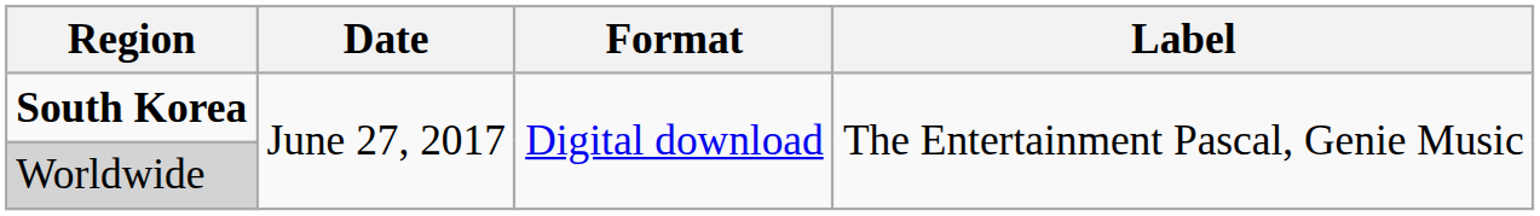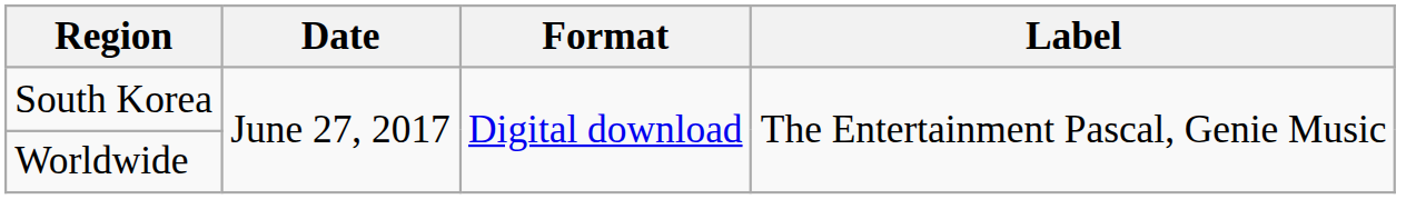 <table class="wikitable">
 <tr>
 <th>Region</th>
 <th>Date</th>
 <th>Format</th>
 <th>Label</th>
 </tr>
 <tr>
-<td><strong>South Korea</strong></td>
+<td>South Korea</td>
 <td rowspan="2">June 27, 2017</td>
 <td rowspan="2"><a href='#'>Digital download</a></td>
 <td rowspan="2">The Entertainment Pascal, Genie Music</td>
 </tr>
 <tr>
-<td style="background: lightgrey;">Worldwide</td>
+<td>Worldwide</td>
 </tr>
 </table>
